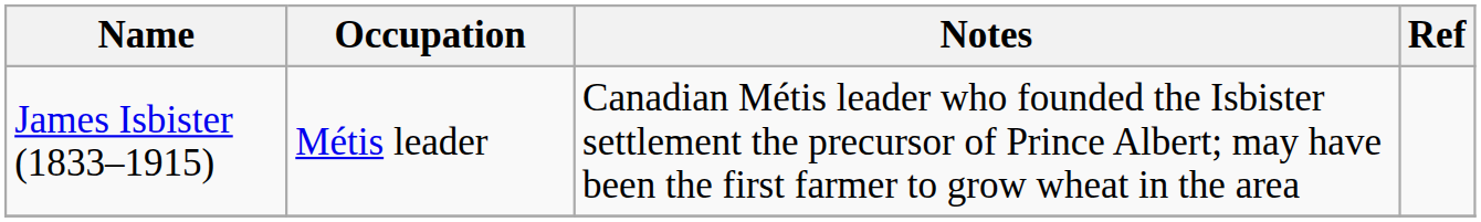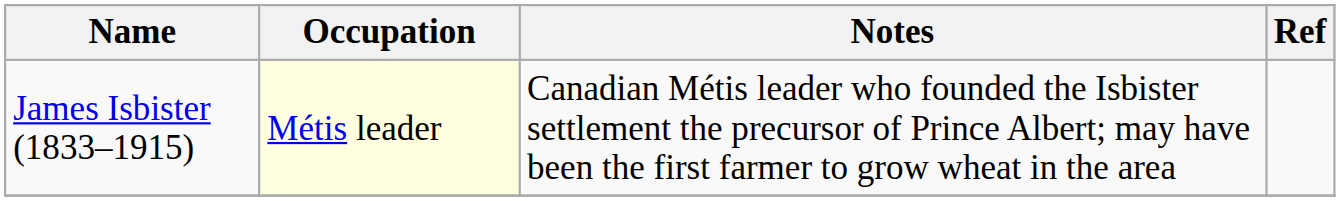 <table class="wikitable sortable">
 <tr align=left>
 <th style="width:20%;">Name</th>
 <th style="width:20%;">Occupation</th>
 <th style="width:60%;">Notes</th>
 <th style="width:20%;">Ref</th>
 </tr>
 <tr>
 <td><a href='#'>James Isbister</a> (1833–1915)</td>
-<td><a href='#'>Métis</a> leader</td>
+<td style="background: lightyellow;"><a href='#'>Métis</a> leader</td>
 <td>Canadian Métis leader who founded the Isbister settlement the precursor of Prince Albert; may have been the first farmer to grow wheat in the area</td>
 <td></td>
 </tr>
 <tr>
 </tr>
 </table>
